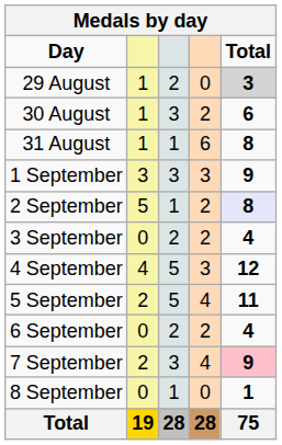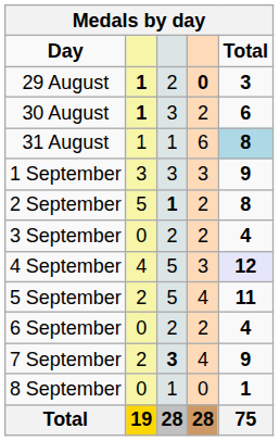 <table class="wikitable" style="font-size:85%">
 <tr style="background:#efefef;">
 <th colspan=7><strong>Medals by day</strong></th>
 </tr>
 <tr align=center>
 <td><strong>Day</strong></td>
 <td bgcolor=#f7f6a8></td>
 <td bgcolor=#dce5e5></td>
 <td bgcolor=#ffdab9></td>
 <td><strong>Total</strong></td>
 </tr>
 <tr align=center>
 <td>29 August</td>
-<td style="background:#F7F6A8;">1</td>
+<td style="background:#F7F6A8;"><strong>1</strong></td>
 <td style="background:#DCE5E5;">2</td>
-<td style="background:#FFDAB9;">0</td>
-<td style="background: lightgrey;"><strong>3</strong></td>
+<td style="background:#FFDAB9;"><strong>0</strong></td>
+<td><strong>3</strong></td>
 </tr>
 <tr align=center>
 <td>30 August</td>
-<td style="background:#F7F6A8;">1</td>
+<td style="background:#F7F6A8;"><strong>1</strong></td>
 <td style="background:#DCE5E5;">3</td>
 <td style="background:#FFDAB9;">2</td>
 <td><strong>6</strong></td>
 </tr>
 <tr align=center>
 <td>31 August</td>
 <td style="background:#F7F6A8;">1</td>
 <td style="background:#DCE5E5;">1</td>
 <td style="background:#FFDAB9;">6</td>
-<td><strong>8</strong></td>
+<td style="background: lightblue;"><strong>8</strong></td>
 </tr>
 <tr align=center>
 <td>1 September</td>
 <td style="background:#F7F6A8;">3</td>
 <td style="background:#DCE5E5;">3</td>
 <td style="background:#FFDAB9;">3</td>
 <td><strong>9</strong></td>
 </tr>
 <tr align=center>
 <td>2 September</td>
 <td style="background:#F7F6A8;">5</td>
-<td style="background:#DCE5E5;">1</td>
+<td style="background:#DCE5E5;"><strong>1</strong></td>
 <td style="background:#FFDAB9;">2</td>
-<td style="background: lavender;"><strong>8</strong></td>
+<td><strong>8</strong></td>
 </tr>
 <tr align=center>
 <td>3 September</td>
 <td style="background:#F7F6A8;">0</td>
 <td style="background:#DCE5E5;">2</td>
 <td style="background:#FFDAB9;">2</td>
 <td><strong>4</strong></td>
 </tr>
 <tr align=center>
 <td>4 September</td>
 <td style="background:#F7F6A8;">4</td>
 <td style="background:#DCE5E5;">5</td>
 <td style="background:#FFDAB9;">3</td>
-<td><strong>12</strong></td>
+<td style="background: lavender;"><strong>12</strong></td>
 </tr>
 <tr align=center>
 <td>5 September</td>
 <td style="background:#F7F6A8;">2</td>
 <td style="background:#DCE5E5;">5</td>
 <td style="background:#FFDAB9;">4</td>
 <td><strong>11</strong></td>
 </tr>
 <tr align=center>
 <td>6 September</td>
 <td style="background:#F7F6A8;">0</td>
 <td style="background:#DCE5E5;">2</td>
 <td style="background:#FFDAB9;">2</td>
 <td><strong>4</strong></td>
 </tr>
 <tr align=center>
 <td>7 September</td>
 <td style="background:#F7F6A8;">2</td>
-<td style="background:#DCE5E5;">3</td>
+<td style="background:#DCE5E5;"><strong>3</strong></td>
 <td style="background:#FFDAB9;">4</td>
-<td style="background: pink;"><strong>9</strong></td>
+<td><strong>9</strong></td>
 </tr>
 <tr align=center>
 <td>8 September</td>
 <td style="background:#F7F6A8;">0</td>
 <td style="background:#DCE5E5;">1</td>
 <td style="background:#FFDAB9;">0</td>
 <td><strong>1</strong></td>
 </tr>
 <tr align=center>
 <th><strong>Total</strong></th>
 <th style="background:gold;"><strong>19</strong></th>
 <th style="background:silver;"><strong>28</strong></th>
 <th style="background:#c96;"><strong>28</strong></th>
 <th><strong>75</strong></th>
 </tr>
 </table>
